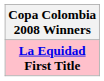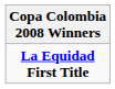 <table class="wikitable" style="text-align: center; margin: 0 auto;">
 <tr>
 <th>Copa Colombia<br>2008 Winners</th>
 </tr>
 <tr>
-<td style="background: pink;"><strong><a href='#'>La Equidad</a></strong><br><strong>First Title</strong></td>
+<td><strong><a href='#'>La Equidad</a></strong><br><strong>First Title</strong></td>
 </tr>
 </table>
